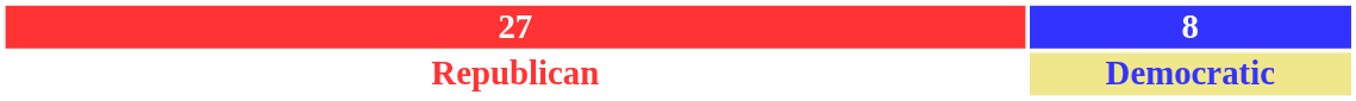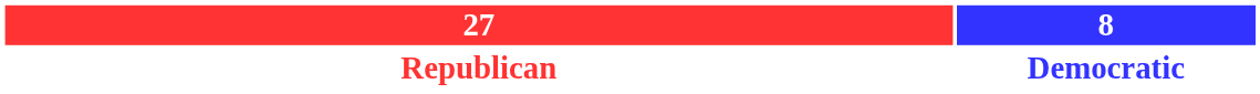 <table style="width:50%">
 <tr>
 <td scope="row" colspan="3" style="text-align:center"></td>
 </tr>
 <tr>
 <td scope="row" style="background:#F33; width:76%; text-align:center; color:white"><strong>27</strong><br></td>
 <td style="background:#33F; width:24%; text-align:center; color:white"><strong>8</strong></td>
 </tr>
 <tr>
 <td style="text-align:center; color:#F33"><strong>Republican</strong><br></td>
-<td scope="row" style="background: khaki; text-align:center; color:#33F"><strong>Democratic</strong></td>
+<td scope="row" style="text-align:center; color:#33F"><strong>Democratic</strong></td>
 </tr>
 </table>
